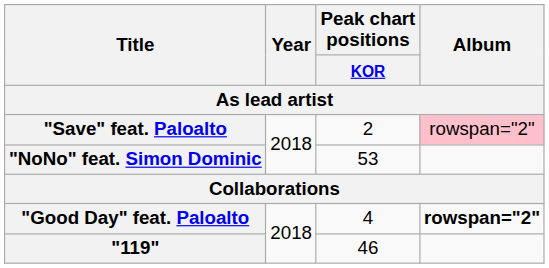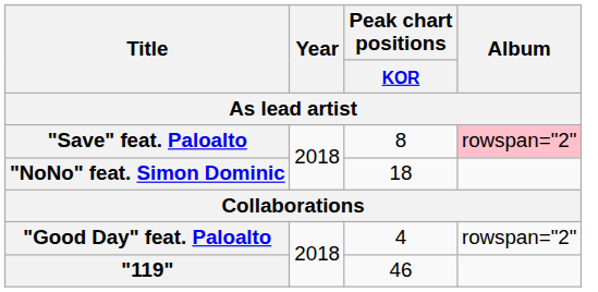 <table class="wikitable plainrowheaders" style="text-align:center;">
 <tr>
 <th scope="col" rowspan="2">Title</th>
 <th scope="col" rowspan="2">Year</th>
 <th scope="col" colspan="1">Peak chart <br> positions</th>
 <th scope="col" rowspan="2">Album</th>
 </tr>
 <tr>
 <th><small><a href='#'>KOR</a></small><br></th>
 </tr>
 <tr>
 <th scope="col" colspan="5">As lead artist</th>
 </tr>
 <tr>
 <th scope="row">"Save" feat. <a href='#'>Paloalto</a></th>
 <td rowspan="2">2018</td>
-<td>2</td>
+<td>8</td>
 <td style="background: pink;">rowspan="2" </td>
 </tr>
 <tr>
 <th scope="row">"NoNo" feat. <a href='#'>Simon Dominic</a></th>
-<td>53</td>
+<td>18</td>
 </tr>
 <tr>
 <th scope="col" colspan="5">Collaborations</th>
 </tr>
 <tr>
 <th scope="row">"Good Day" feat. <a href='#'>Paloalto</a><br></th>
 <td rowspan="2">2018</td>
 <td>4</td>
-<td><strong>rowspan="2" </strong></td>
+<td>rowspan="2" </td>
 </tr>
 <tr>
 <th scope="row">"119"<br></th>
 <td>46</td>
 </tr>
 </table>
